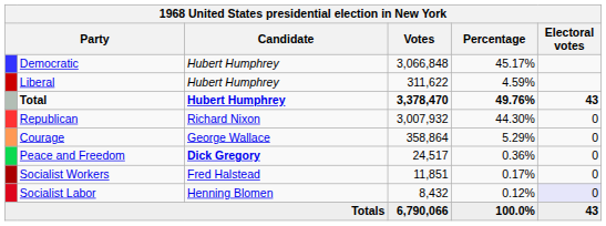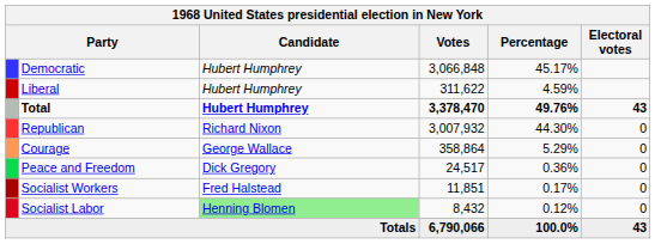 <table class="wikitable" style="font-size: 95%;">
 <tr>
 <th colspan="6">1968 United States presidential election in New York</th>
 </tr>
 <tr>
 <th colspan="2" style="width: 15em">Party</th>
 <th style="width: 17em">Candidate</th>
 <th style="width: 5em">Votes</th>
 <th style="width: 7em">Percentage</th>
 <th style="width: 5em">Electoral votes</th>
 </tr>
 <tr>
 <th style="background-color:#3333FF; width: 3px"></th>
 <td style="width: 130px"><a href='#'>Democratic</a></td>
 <td><em>Hubert Humphrey</em></td>
 <td align="right">3,066,848</td>
 <td align="right">45.17%</td>
 <td align="right"></td>
 </tr>
 <tr>
 <th style="background-color:#CC0000; width: 3px"></th>
 <td style="width: 130px"><a href='#'>Liberal</a></td>
 <td><em>Hubert Humphrey</em></td>
 <td align="right">311,622</td>
 <td align="right">4.59%</td>
 <td align="right"></td>
 </tr>
 <tr>
 <th style="background-color:#B2BEB5; width: 3px"></th>
 <td style="width: 130px"><strong>Total</strong></td>
 <td><strong><a href='#'>Hubert Humphrey</a></strong></td>
 <td style="text-align:right;"><strong>3,378,470</strong></td>
 <td style="text-align:right;"><strong>49.76%</strong></td>
 <td style="text-align:right;"><strong>43</strong></td>
 </tr>
 <tr>
 <th style="background:#f33; width:3px;"></th>
 <td style="width: 130px"><a href='#'>Republican</a></td>
 <td><a href='#'>Richard Nixon</a></td>
 <td style="text-align:right;">3,007,932</td>
 <td style="text-align:right;">44.30%</td>
 <td style="text-align:right;">0</td>
 </tr>
 <tr>
 <th style="background:#f95; width:3px;"></th>
 <td style="width: 130px"><a href='#'>Courage</a></td>
 <td><a href='#'>George Wallace</a></td>
 <td style="text-align:right;">358,864</td>
 <td style="text-align:right;">5.29%</td>
 <td style="text-align:right;">0</td>
 </tr>
 <tr>
 <th style="background:#0bda51; width:3px;"></th>
 <td style="width: 130px"><a href='#'>Peace and Freedom</a></td>
-<td><strong><a href='#'>Dick Gregory</a></strong></td>
+<td><a href='#'>Dick Gregory</a></td>
 <td style="text-align:right;">24,517</td>
 <td style="text-align:right;">0.36%</td>
 <td style="text-align:right;">0</td>
 </tr>
 <tr>
 <th style="background:#AA0000; width:3px;"></th>
 <td style="width: 130px"><a href='#'>Socialist Workers</a></td>
 <td><a href='#'>Fred Halstead</a></td>
 <td style="text-align:right;">11,851</td>
 <td style="text-align:right;">0.17%</td>
 <td style="text-align:right;">0</td>
 </tr>
 <tr>
 <th style="background:#DD051D; width:3px;"></th>
 <td style="width: 130px"><a href='#'>Socialist Labor</a></td>
-<td><a href='#'>Henning Blomen</a></td>
+<td style="background: lightgreen;"><a href='#'>Henning Blomen</a></td>
 <td style="text-align:right;">8,432</td>
 <td style="text-align:right;">0.12%</td>
-<td style="background: lavender; text-align:right;">0</td>
+<td style="text-align:right;">0</td>
 </tr>
 <tr style="background:#eee; text-align:right;">
 <td colspan="3"><strong>Totals</strong></td>
 <td><strong>6,790,066</strong></td>
 <td><strong>100.0%</strong></td>
 <td><strong>43</strong></td>
 </tr>
 </table>
